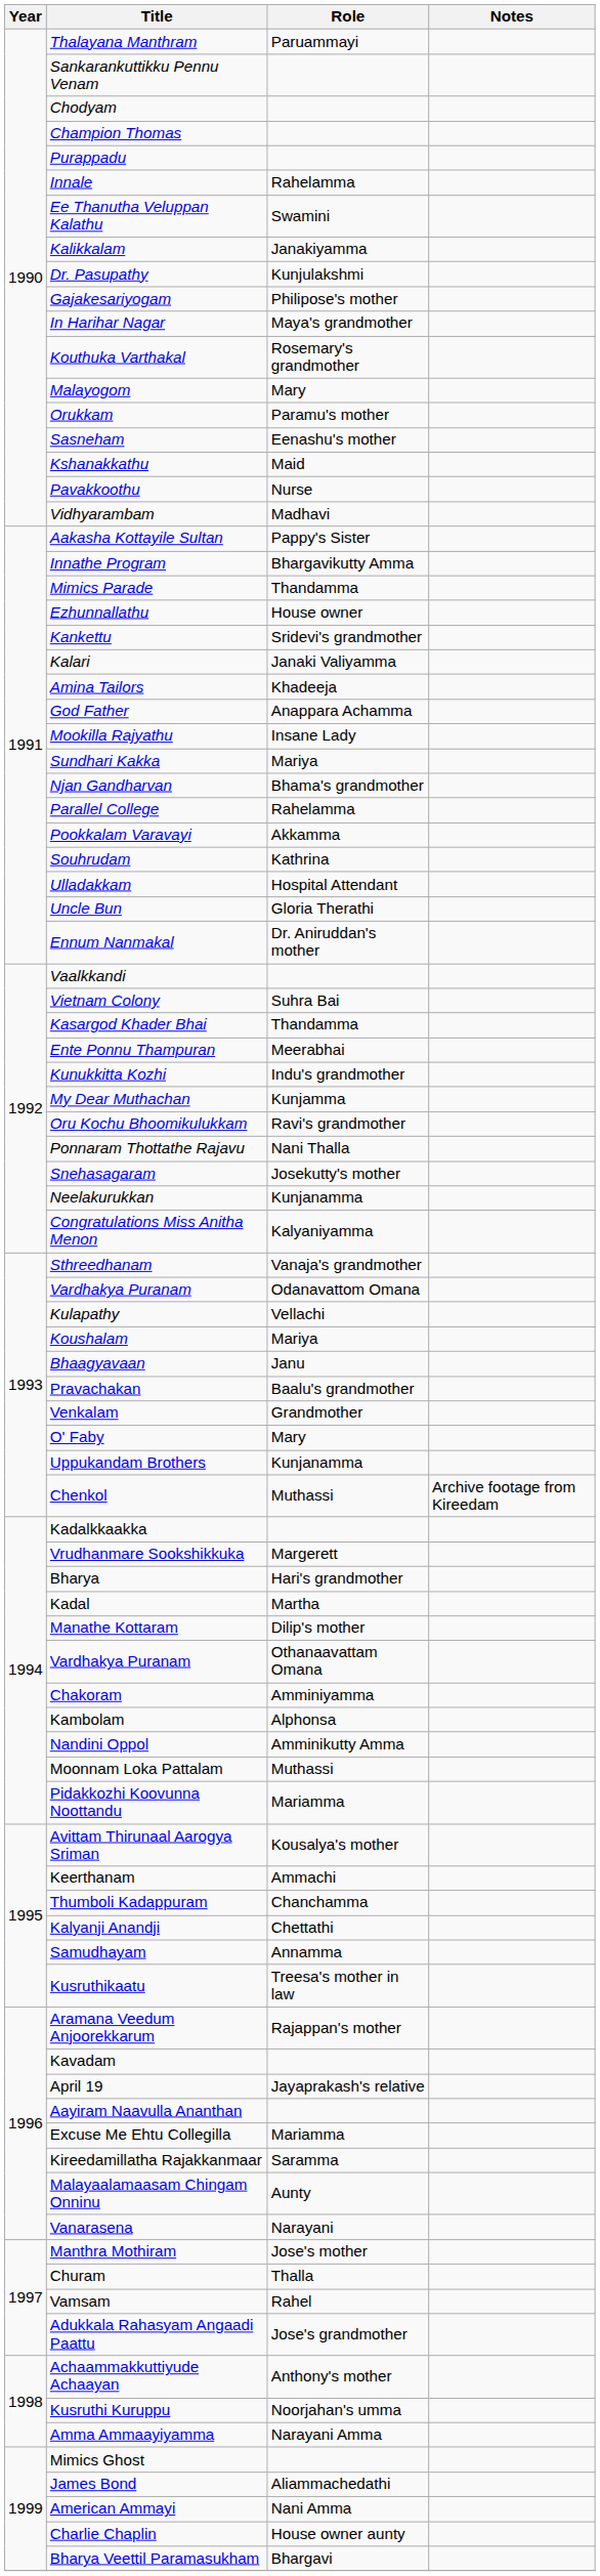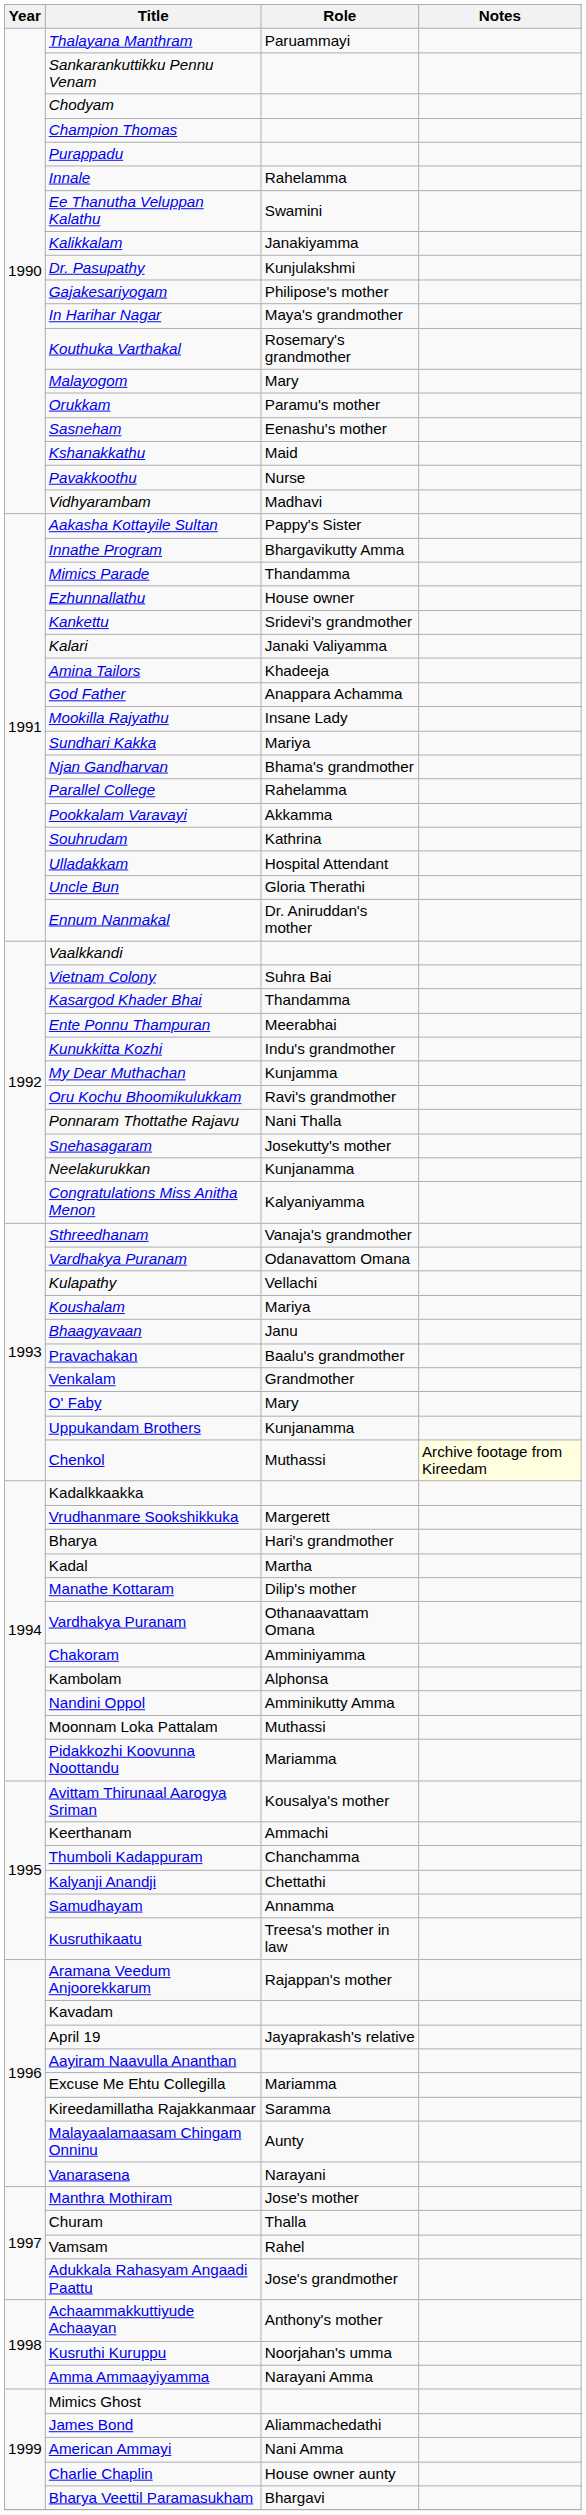 <table class="wikitable sortable">
 <tr>
 <th>Year</th>
 <th>Title</th>
 <th>Role</th>
 <th class="unsortable">Notes</th>
 </tr>
 <tr>
 <td rowspan=18>1990</td>
 <td><em><a href='#'>Thalayana Manthram</a></em></td>
 <td>Paruammayi</td>
 <td></td>
 </tr>
 <tr>
 <td><em>Sankarankuttikku Pennu Venam</em></td>
 <td></td>
 <td></td>
 </tr>
 <tr>
 <td><em>Chodyam</em></td>
 <td></td>
 <td></td>
 </tr>
 <tr>
 <td><em><a href='#'>Champion Thomas</a></em></td>
 <td></td>
 <td></td>
 </tr>
 <tr>
 <td><em><a href='#'>Purappadu</a></em></td>
 <td></td>
 <td></td>
 </tr>
 <tr>
 <td><em><a href='#'>Innale</a></em></td>
 <td>Rahelamma</td>
 <td></td>
 </tr>
 <tr>
 <td><em><a href='#'>Ee Thanutha Veluppan Kalathu</a></em></td>
 <td>Swamini</td>
 <td></td>
 </tr>
 <tr>
 <td><em><a href='#'>Kalikkalam</a></em></td>
 <td>Janakiyamma</td>
 <td></td>
 </tr>
 <tr>
 <td><em><a href='#'>Dr. Pasupathy</a></em></td>
 <td>Kunjulakshmi</td>
 <td></td>
 </tr>
 <tr>
 <td><em><a href='#'>Gajakesariyogam</a></em></td>
 <td>Philipose's mother</td>
 <td></td>
 </tr>
 <tr>
 <td><em><a href='#'>In Harihar Nagar</a></em></td>
 <td>Maya's grandmother</td>
 <td></td>
 </tr>
 <tr>
 <td><em><a href='#'>Kouthuka Varthakal</a></em></td>
 <td>Rosemary's grandmother</td>
 <td></td>
 </tr>
 <tr>
 <td><em><a href='#'>Malayogom</a></em></td>
 <td>Mary</td>
 <td></td>
 </tr>
 <tr>
 <td><em><a href='#'>Orukkam</a></em></td>
 <td>Paramu's mother</td>
 <td></td>
 </tr>
 <tr>
 <td><em><a href='#'>Sasneham</a></em></td>
 <td>Eenashu's mother</td>
 <td></td>
 </tr>
 <tr>
 <td><em><a href='#'>Kshanakkathu</a></em></td>
 <td>Maid</td>
 <td></td>
 </tr>
 <tr>
 <td><em><a href='#'>Pavakkoothu</a></em></td>
 <td>Nurse</td>
 <td></td>
 </tr>
 <tr>
 <td><em>Vidhyarambam</em></td>
 <td>Madhavi</td>
 <td></td>
 </tr>
 <tr>
 <td rowspan=17>1991</td>
 <td><em><a href='#'>Aakasha Kottayile Sultan</a></em></td>
 <td>Pappy's Sister</td>
 <td></td>
 </tr>
 <tr>
 <td><em><a href='#'>Innathe Program</a></em></td>
 <td>Bhargavikutty Amma</td>
 <td></td>
 </tr>
 <tr>
 <td><em><a href='#'>Mimics Parade</a></em></td>
 <td>Thandamma</td>
 <td></td>
 </tr>
 <tr>
 <td><em><a href='#'>Ezhunnallathu</a></em></td>
 <td>House owner</td>
 <td></td>
 </tr>
 <tr>
 <td><em><a href='#'>Kankettu</a></em></td>
 <td>Sridevi's grandmother</td>
 <td></td>
 </tr>
 <tr>
 <td><em>Kalari</em></td>
 <td>Janaki Valiyamma</td>
 <td></td>
 </tr>
 <tr>
 <td><em><a href='#'>Amina Tailors</a></em></td>
 <td>Khadeeja</td>
 <td></td>
 </tr>
 <tr>
 <td><em><a href='#'>God Father</a></em></td>
 <td>Anappara Achamma</td>
 <td></td>
 </tr>
 <tr>
 <td><em><a href='#'>Mookilla Rajyathu</a></em></td>
 <td>Insane Lady</td>
 <td></td>
 </tr>
 <tr>
 <td><em><a href='#'>Sundhari Kakka</a></em></td>
 <td>Mariya</td>
 <td></td>
 </tr>
 <tr>
 <td><em><a href='#'>Njan Gandharvan</a></em></td>
 <td>Bhama's grandmother</td>
 <td></td>
 </tr>
 <tr>
 <td><em><a href='#'>Parallel College</a></em></td>
 <td>Rahelamma</td>
 <td></td>
 </tr>
 <tr>
 <td><em><a href='#'>Pookkalam Varavayi</a></em></td>
 <td>Akkamma</td>
 <td></td>
 </tr>
 <tr>
 <td><em><a href='#'>Souhrudam</a></em></td>
 <td>Kathrina</td>
 <td></td>
 </tr>
 <tr>
 <td><em><a href='#'>Ulladakkam</a></em></td>
 <td>Hospital Attendant</td>
 <td></td>
 </tr>
 <tr>
 <td><em><a href='#'>Uncle Bun</a></em></td>
 <td>Gloria Therathi</td>
 <td></td>
 </tr>
 <tr>
 <td><em><a href='#'>Ennum Nanmakal</a></em></td>
 <td>Dr. Aniruddan's mother</td>
 <td></td>
 </tr>
 <tr>
 <td rowspan=11>1992</td>
 <td><em>Vaalkkandi</em></td>
 <td></td>
 <td></td>
 </tr>
 <tr>
 <td><em><a href='#'>Vietnam Colony</a></em></td>
 <td>Suhra Bai</td>
 <td></td>
 </tr>
 <tr>
 <td><em><a href='#'>Kasargod Khader Bhai</a></em></td>
 <td>Thandamma</td>
 <td></td>
 </tr>
 <tr>
 <td><em><a href='#'>Ente Ponnu Thampuran</a></em></td>
 <td>Meerabhai</td>
 <td></td>
 </tr>
 <tr>
 <td><em><a href='#'>Kunukkitta Kozhi</a></em></td>
 <td>Indu's grandmother</td>
 <td></td>
 </tr>
 <tr>
 <td><em><a href='#'>My Dear Muthachan</a></em></td>
 <td>Kunjamma</td>
 <td></td>
 </tr>
 <tr>
 <td><em><a href='#'>Oru Kochu Bhoomikulukkam</a></em></td>
 <td>Ravi's grandmother</td>
 <td></td>
 </tr>
 <tr>
 <td><em>Ponnaram Thottathe Rajavu</em></td>
 <td>Nani Thalla</td>
 <td></td>
 </tr>
 <tr>
 <td><em><a href='#'>Snehasagaram</a></em></td>
 <td>Josekutty's mother</td>
 <td></td>
 </tr>
 <tr>
 <td><em>Neelakurukkan</em></td>
 <td>Kunjanamma</td>
 <td></td>
 </tr>
 <tr>
 <td><em><a href='#'>Congratulations Miss Anitha Menon</a></em></td>
 <td>Kalyaniyamma</td>
 <td></td>
 </tr>
 <tr>
 <td rowspan=10>1993</td>
 <td><em><a href='#'>Sthreedhanam</a></em></td>
 <td>Vanaja's grandmother</td>
 <td></td>
 </tr>
 <tr>
 <td><em><a href='#'>Vardhakya Puranam</a></em></td>
 <td>Odanavattom Omana</td>
 <td></td>
 </tr>
 <tr>
 <td><em>Kulapathy</em></td>
 <td>Vellachi</td>
 <td></td>
 </tr>
 <tr>
 <td><em><a href='#'>Koushalam</a></em></td>
 <td>Mariya</td>
 <td></td>
 </tr>
 <tr>
 <td><em><a href='#'>Bhaagyavaan</a></td>
 <td>Janu</td>
 <td></td>
 </tr>
 <tr>
 <td></em><a href='#'>Pravachakan</a><em></td>
 <td>Baalu's grandmother</td>
 <td></td>
 </tr>
 <tr>
 <td></em><a href='#'>Venkalam</a><em></td>
 <td>Grandmother</td>
 <td></td>
 </tr>
 <tr>
 <td></em><a href='#'>O' Faby</a><em></td>
 <td>Mary</td>
 <td></td>
 </tr>
 <tr>
 <td></em><a href='#'>Uppukandam Brothers</a><em></td>
 <td>Kunjanamma</td>
 <td></td>
 </tr>
 <tr>
 <td></em><a href='#'>Chenkol</a><em></td>
 <td>Muthassi</td>
-<td>Archive footage from Kireedam</td>
+<td style="background: lightyellow;">Archive footage from Kireedam</td>
 </tr>
 <tr>
 <td rowspan=11>1994</td>
 <td></em>Kadalkkaakka<em></td>
 <td></td>
 <td></td>
 </tr>
 <tr>
 <td></em><a href='#'>Vrudhanmare Sookshikkuka</a><em></td>
 <td>Margerett</td>
 <td></td>
 </tr>
 <tr>
 <td></em>Bharya<em></td>
 <td>Hari's grandmother</td>
 <td></td>
 </tr>
 <tr>
 <td></em>Kadal<em></td>
 <td>Martha</td>
 <td></td>
 </tr>
 <tr>
 <td></em><a href='#'>Manathe Kottaram</a><em></td>
 <td>Dilip's mother</td>
 <td></td>
 </tr>
 <tr>
 <td></em><a href='#'>Vardhakya Puranam</a><em></td>
 <td>Othanaavattam Omana</td>
 <td></td>
 </tr>
 <tr>
 <td></em><a href='#'>Chakoram</a><em></td>
 <td>Amminiyamma</td>
 <td></td>
 </tr>
 <tr>
 <td></em>Kambolam<em></td>
 <td>Alphonsa</td>
 <td></td>
 </tr>
 <tr>
 <td></em><a href='#'>Nandini Oppol</a><em></td>
 <td>Amminikutty Amma</td>
 <td></td>
 </tr>
 <tr>
 <td></em>Moonnam Loka Pattalam<em></td>
 <td>Muthassi</td>
 <td></td>
 </tr>
 <tr>
 <td></em><a href='#'>Pidakkozhi Koovunna Noottandu</a><em></td>
 <td>Mariamma</td>
 <td></td>
 </tr>
 <tr>
 <td rowspan=6>1995</td>
 <td></em><a href='#'>Avittam Thirunaal Aarogya Sriman</a><em></td>
 <td>Kousalya's mother</td>
 <td></td>
 </tr>
 <tr>
 <td></em>Keerthanam<em></td>
 <td>Ammachi</td>
 <td></td>
 </tr>
 <tr>
 <td></em><a href='#'>Thumboli Kadappuram</a><em></td>
 <td>Chanchamma</td>
 <td></td>
 </tr>
 <tr>
 <td></em><a href='#'>Kalyanji Anandji</a><em></td>
 <td>Chettathi</td>
 <td></td>
 </tr>
 <tr>
 <td></em><a href='#'>Samudhayam</a><em></td>
 <td>Annamma</td>
 <td></td>
 </tr>
 <tr>
 <td></em><a href='#'>Kusruthikaatu</a><em></td>
 <td>Treesa's mother in law</td>
 <td></td>
 </tr>
 <tr>
 <td rowspan=8>1996</td>
 <td></em><a href='#'>Aramana Veedum Anjoorekkarum</a><em></td>
 <td>Rajappan's mother</td>
 <td></td>
 </tr>
 <tr>
 <td></em>Kavadam<em></td>
 <td></td>
 <td></td>
 </tr>
 <tr>
 <td></em>April 19<em></td>
 <td>Jayaprakash's relative</td>
 <td></td>
 </tr>
 <tr>
 <td></em><a href='#'>Aayiram Naavulla Ananthan</a><em></td>
 <td></td>
 <td></td>
 </tr>
 <tr>
 <td></em>Excuse Me Ehtu Collegilla<em></td>
 <td>Mariamma</td>
 <td></td>
 </tr>
 <tr>
 <td></em>Kireedamillatha Rajakkanmaar<em></td>
 <td>Saramma</td>
 <td></td>
 </tr>
 <tr>
 <td></em><a href='#'>Malayaalamaasam Chingam Onninu</a><em></td>
 <td>Aunty</td>
 <td></td>
 </tr>
 <tr>
 <td></em><a href='#'>Vanarasena</a><em></td>
 <td>Narayani</td>
 <td></td>
 </tr>
 <tr>
 <td rowspan=4>1997</td>
 <td></em><a href='#'>Manthra Mothiram</a><em></td>
 <td>Jose's mother</td>
 <td></td>
 </tr>
 <tr>
 <td></em>Churam<em></td>
 <td>Thalla</td>
 <td></td>
 </tr>
 <tr>
 <td></em>Vamsam<em></td>
 <td>Rahel</td>
 <td></td>
 </tr>
 <tr>
 <td></em><a href='#'>Adukkala Rahasyam Angaadi Paattu</a><em></td>
 <td>Jose's grandmother</td>
 <td></td>
 </tr>
 <tr>
 <td rowspan=3>1998</td>
 <td></em><a href='#'>Achaammakkuttiyude Achaayan</a><em></td>
 <td>Anthony's mother</td>
 <td></td>
 </tr>
 <tr>
 <td></em><a href='#'>Kusruthi Kuruppu</a><em></td>
 <td>Noorjahan's umma</td>
 <td></td>
 </tr>
 <tr>
 <td></em><a href='#'>Amma Ammaayiyamma</a><em></td>
 <td>Narayani Amma</td>
 <td></td>
 </tr>
 <tr>
 <td rowspan=5>1999</td>
 <td></em>Mimics Ghost<em></td>
 <td></td>
 <td></td>
 </tr>
 <tr>
 <td></em><a href='#'>James Bond</a><em></td>
 <td>Aliammachedathi</td>
 <td></td>
 </tr>
 <tr>
 <td></em><a href='#'>American Ammayi</a><em></td>
 <td>Nani Amma</td>
 <td></td>
 </tr>
 <tr>
 <td></em><a href='#'>Charlie Chaplin</a><em></td>
 <td>House owner aunty</td>
 <td></td>
 </tr>
 <tr>
 <td></em><a href='#'>Bharya Veettil Paramasukham</a><em></td>
 <td>Bhargavi</td>
 <td></td>
 </tr>
 <tr>
 </tr>
 </table>
